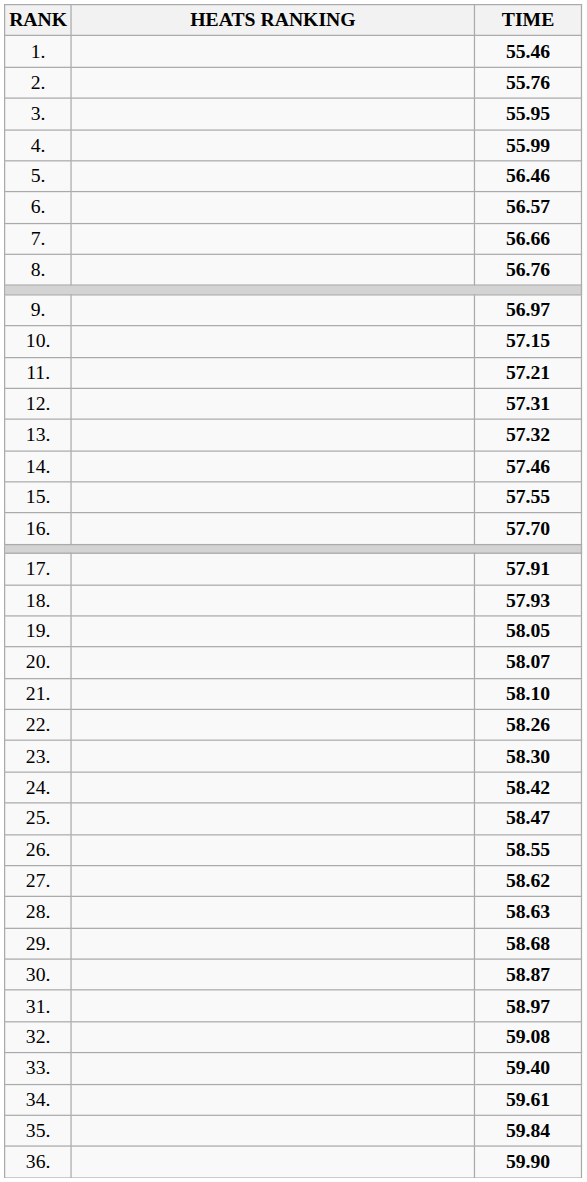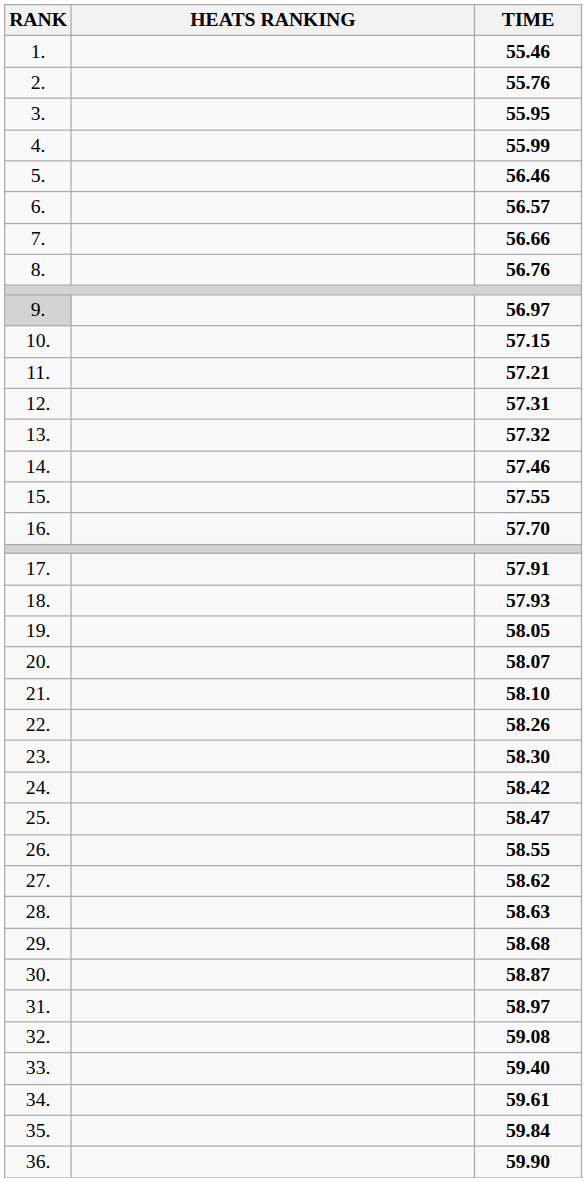 <table class="wikitable">
 <tr>
 <th>RANK</th>
 <th style="width: 20em">HEATS RANKING</th>
 <th style="width: 5em">TIME</th>
 </tr>
 <tr>
 <td align="center">1.</td>
 <td></td>
 <td align="center"><strong>55.46</strong></td>
 </tr>
 <tr>
 <td align="center">2.</td>
 <td></td>
 <td align="center"><strong>55.76</strong></td>
 </tr>
 <tr>
 <td align="center">3.</td>
 <td></td>
 <td align="center"><strong>55.95</strong></td>
 </tr>
 <tr>
 <td align="center">4.</td>
 <td></td>
 <td align="center"><strong>55.99</strong></td>
 </tr>
 <tr>
 <td align="center">5.</td>
 <td></td>
 <td align="center"><strong>56.46</strong></td>
 </tr>
 <tr>
 <td align="center">6.</td>
 <td></td>
 <td align="center"><strong>56.57</strong></td>
 </tr>
 <tr>
 <td align="center">7.</td>
 <td></td>
 <td align="center"><strong>56.66</strong></td>
 </tr>
 <tr>
 <td align="center">8.</td>
 <td></td>
 <td align="center"><strong>56.76</strong></td>
 </tr>
 <tr>
 <td colspan=3 bgcolor=lightgray></td>
 </tr>
 <tr>
-<td align="center">9.</td>
+<td align="center" style="background: lightgrey;">9.</td>
 <td></td>
 <td align="center"><strong>56.97</strong></td>
 </tr>
 <tr>
 <td align="center">10.</td>
 <td></td>
 <td align="center"><strong>57.15</strong></td>
 </tr>
 <tr>
 <td align="center">11.</td>
 <td></td>
 <td align="center"><strong>57.21</strong></td>
 </tr>
 <tr>
 <td align="center">12.</td>
 <td></td>
 <td align="center"><strong>57.31</strong></td>
 </tr>
 <tr>
 <td align="center">13.</td>
 <td></td>
 <td align="center"><strong>57.32</strong></td>
 </tr>
 <tr>
 <td align="center">14.</td>
 <td></td>
 <td align="center"><strong>57.46</strong></td>
 </tr>
 <tr>
 <td align="center">15.</td>
 <td></td>
 <td align="center"><strong>57.55</strong></td>
 </tr>
 <tr>
 <td align="center">16.</td>
 <td></td>
 <td align="center"><strong>57.70</strong></td>
 </tr>
 <tr>
 <td colspan=3 bgcolor=lightgray></td>
 </tr>
 <tr>
 <td align="center">17.</td>
 <td></td>
 <td align="center"><strong>57.91</strong></td>
 </tr>
 <tr>
 <td align="center">18.</td>
 <td></td>
 <td align="center"><strong>57.93</strong></td>
 </tr>
 <tr>
 <td align="center">19.</td>
 <td></td>
 <td align="center"><strong>58.05</strong></td>
 </tr>
 <tr>
 <td align="center">20.</td>
 <td></td>
 <td align="center"><strong>58.07</strong></td>
 </tr>
 <tr>
 <td align="center">21.</td>
 <td></td>
 <td align="center"><strong>58.10</strong></td>
 </tr>
 <tr>
 <td align="center">22.</td>
 <td></td>
 <td align="center"><strong>58.26</strong></td>
 </tr>
 <tr>
 <td align="center">23.</td>
 <td></td>
 <td align="center"><strong>58.30</strong></td>
 </tr>
 <tr>
 <td align="center">24.</td>
 <td></td>
 <td align="center"><strong>58.42</strong></td>
 </tr>
 <tr>
 <td align="center">25.</td>
 <td></td>
 <td align="center"><strong>58.47</strong></td>
 </tr>
 <tr>
 <td align="center">26.</td>
 <td></td>
 <td align="center"><strong>58.55</strong></td>
 </tr>
 <tr>
 <td align="center">27.</td>
 <td></td>
 <td align="center"><strong>58.62</strong></td>
 </tr>
 <tr>
 <td align="center">28.</td>
 <td></td>
 <td align="center"><strong>58.63</strong></td>
 </tr>
 <tr>
 <td align="center">29.</td>
 <td></td>
 <td align="center"><strong>58.68</strong></td>
 </tr>
 <tr>
 <td align="center">30.</td>
 <td></td>
 <td align="center"><strong>58.87</strong></td>
 </tr>
 <tr>
 <td align="center">31.</td>
 <td></td>
 <td align="center"><strong>58.97</strong></td>
 </tr>
 <tr>
 <td align="center">32.</td>
 <td></td>
 <td align="center"><strong>59.08</strong></td>
 </tr>
 <tr>
 <td align="center">33.</td>
 <td></td>
 <td align="center"><strong>59.40</strong></td>
 </tr>
 <tr>
 <td align="center">34.</td>
 <td></td>
 <td align="center"><strong>59.61</strong></td>
 </tr>
 <tr>
 <td align="center">35.</td>
 <td></td>
 <td align="center"><strong>59.84</strong></td>
 </tr>
 <tr>
 <td align="center">36.</td>
 <td></td>
 <td align="center"><strong>59.90</strong></td>
 </tr>
 </table>
